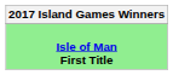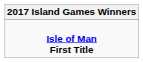 <table class="wikitable" style="text-align: center; margin: 0 auto;">
 <tr>
 <th>2017 Island Games Winners</th>
 </tr>
 <tr>
 </tr>
 <tr>
-<td style="background: lightgreen;"><br><strong><a href='#'>Isle of Man</a></strong><br><strong>First Title</strong></td>
+<td><br><strong><a href='#'>Isle of Man</a></strong><br><strong>First Title</strong></td>
 </tr>
 </table>
